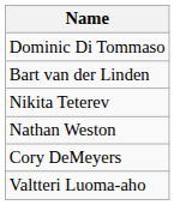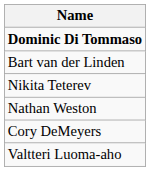 <table class="wikitable">
 <tr>
 <th>Name</th>
 </tr>
 <tr>
-<td> Dominic Di Tommaso</td>
+<td><strong> Dominic Di Tommaso</strong></td>
 </tr>
 <tr>
 <td> Bart van der Linden</td>
 </tr>
 <tr>
 <td> Nikita Teterev</td>
 </tr>
 <tr>
 <td> Nathan Weston</td>
 </tr>
 <tr>
 <td> Cory DeMeyers</td>
 </tr>
 <tr>
 <td> Valtteri Luoma-aho</td>
 </tr>
 </table>
